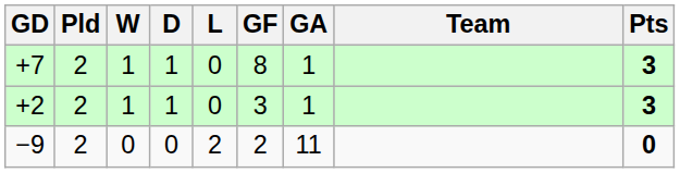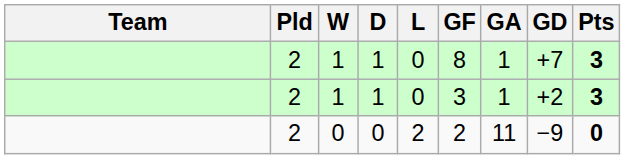 <table class="wikitable" style="text-align: center;">
 <tr>
-<th width=20>GD</th>
+<th width=175>Team</th>
 <th width=20>Pld</th>
 <th width=20>W</th>
 <th width=20>D</th>
 <th width=20>L</th>
 <th width=20>GF</th>
 <th width=20>GA</th>
-<th width=175>Team</th>
+<th width=20>GD</th>
 <th width=20>Pts</th>
 </tr>
 <tr bgcolor=ccffcc>
-<td>+7</td>
+<td style="text-align:left;"></td>
 <td>2</td>
 <td>1</td>
 <td>1</td>
 <td>0</td>
 <td>8</td>
 <td>1</td>
-<td style="text-align:left;"></td>
+<td>+7</td>
 <td><strong>3</strong></td>
 </tr>
 <tr bgcolor=ccffcc>
-<td>+2</td>
+<td style="text-align:left;"></td>
 <td>2</td>
 <td>1</td>
 <td>1</td>
 <td>0</td>
 <td>3</td>
 <td>1</td>
-<td style="text-align:left;"></td>
+<td>+2</td>
 <td><strong>3</strong></td>
 </tr>
 <tr>
-<td>−9</td>
+<td style="text-align:left;"></td>
 <td>2</td>
 <td>0</td>
 <td>0</td>
 <td>2</td>
 <td>2</td>
 <td>11</td>
-<td style="text-align:left;"></td>
+<td>−9</td>
 <td><strong>0</strong></td>
 </tr>
 </table>
